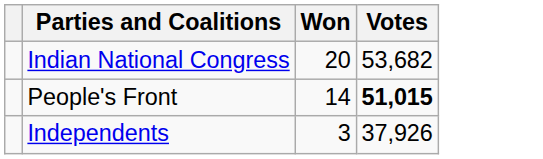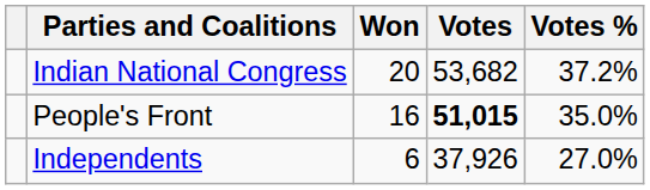 <table class="wikitable Sortable" border="2">
 <tr valign="top">
 <th></th>
 <th>Parties and Coalitions</th>
 <th>Won</th>
 <th>Votes</th>
+<th>Votes %</th>
 </tr>
 <tr>
 <td style="background-color:"> </td>
 <td style="text-align:left;"><a href='#'>Indian National Congress</a></td>
 <td align="right">20</td>
 <td align="right">53,682</td>
+<td align="right">37.2%</td>
 </tr>
 <tr>
 <td style="background-color:"> </td>
 <td style="text-align:left;">People's Front</td>
-<td align="right">14</td>
+<td align="right">16</td>
 <td align="right"><strong>51,015</strong></td>
+<td align="right">35.0%</td>
 </tr>
 <tr>
 <td style="background-color:"> </td>
 <td style="text-align:left;"><a href='#'>Independents</a></td>
-<td align="right">3</td>
+<td align="right">6</td>
 <td align="right">37,926</td>
+<td align="right">27.0%</td>
 </tr>
 </table>
